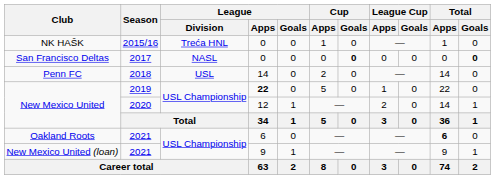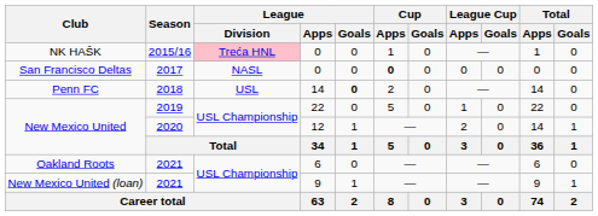 <table class="wikitable" style="text-align: center;">
 <tr>
 <th rowspan="2">Club</th>
 <th rowspan="2">Season</th>
 <th colspan="3">League</th>
 <th colspan="2">Cup</th>
 <th colspan="2">League Cup</th>
 <th colspan="2">Total</th>
 </tr>
 <tr>
 <th>Division</th>
 <th>Apps</th>
 <th>Goals</th>
 <th>Apps</th>
 <th>Goals</th>
 <th>Apps</th>
 <th>Goals</th>
 <th>Apps</th>
 <th>Goals</th>
 </tr>
 <tr>
 <td>NK HAŠK</td>
 <td><a href='#'>2015/16</a></td>
-<td><a href='#'>Treća HNL</a></td>
+<td style="background: pink;"><a href='#'>Treća HNL</a></td>
 <td>0</td>
 <td>0</td>
 <td>1</td>
 <td>0</td>
 <td colspan="2">—</td>
 <td>1</td>
 <td>0</td>
 </tr>
 <tr>
 <td valign="center"><a href='#'>San Francisco Deltas</a></td>
 <td><a href='#'>2017</a></td>
 <td><a href='#'>NASL</a></td>
 <td>0</td>
 <td>0</td>
-<td>0</td>
 <td><strong>0</strong></td>
 <td>0</td>
 <td>0</td>
 <td>0</td>
-<td><strong>0</strong></td>
+<td>0</td>
+<td>0</td>
 </tr>
 <tr>
 <td valign="center"><a href='#'>Penn FC</a></td>
 <td><a href='#'>2018</a></td>
 <td><a href='#'>USL</a></td>
 <td>14</td>
-<td>0</td>
+<td><strong>0</strong></td>
 <td>2</td>
 <td>0</td>
 <td colspan="2">—</td>
 <td>14</td>
 <td>0</td>
 </tr>
 <tr>
 <td rowspan="3" valign="center"><a href='#'>New Mexico United</a></td>
 <td><a href='#'>2019</a></td>
 <td rowspan="2"><a href='#'>USL Championship</a></td>
-<td><strong>22</strong></td>
+<td>22</td>
 <td>0</td>
 <td>5</td>
 <td>0</td>
 <td>1</td>
 <td>0</td>
 <td>22</td>
 <td>0</td>
 </tr>
 <tr>
 <td><a href='#'>2020</a></td>
 <td>12</td>
 <td>1</td>
 <td colspan="2">—</td>
 <td>2</td>
 <td>0</td>
 <td>14</td>
 <td>1</td>
 </tr>
 <tr>
 <th colspan="2">Total</th>
 <th>34</th>
 <th>1</th>
 <th>5</th>
 <th>0</th>
 <th>3</th>
 <th>0</th>
 <th>36</th>
 <th>1</th>
 </tr>
 <tr>
 <td><a href='#'>Oakland Roots</a></td>
 <td><a href='#'>2021</a></td>
 <td rowspan="2"><a href='#'>USL Championship</a></td>
 <td>6</td>
 <td>0</td>
 <td colspan="2">—</td>
 <td colspan="2">—</td>
-<td><strong>6</strong></td>
+<td>6</td>
 <td>0</td>
 </tr>
 <tr>
 <td><a href='#'>New Mexico United</a> <em>(loan)</em></td>
 <td><a href='#'>2021</a></td>
 <td>9</td>
 <td>1</td>
 <td colspan="2">—</td>
 <td colspan="2">—</td>
 <td>9</td>
 <td>1</td>
 </tr>
 <tr>
 <th colspan="3">Career total</th>
 <th>63</th>
 <th>2</th>
 <th>8</th>
 <th>0</th>
 <th>3</th>
 <th>0</th>
 <th>74</th>
 <th>2</th>
 </tr>
 </table>
